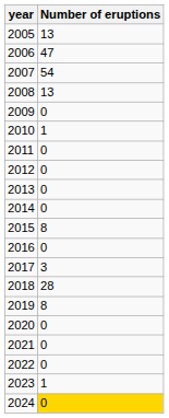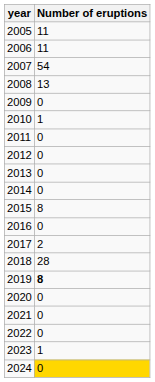 <table class="wikitable sortable">
 <tr>
 <th>year</th>
 <th>Number of eruptions</th>
 </tr>
 <tr>
 <td>2005</td>
-<td>13</td>
+<td>11</td>
 </tr>
 <tr>
 <td>2006</td>
-<td>47</td>
+<td>11</td>
 </tr>
 <tr>
 <td>2007</td>
 <td>54</td>
 </tr>
 <tr>
 <td>2008</td>
 <td>13</td>
 </tr>
 <tr>
 <td>2009</td>
 <td>0</td>
 </tr>
 <tr>
 <td>2010</td>
 <td>1</td>
 </tr>
 <tr>
 <td>2011</td>
 <td>0</td>
 </tr>
 <tr>
 <td>2012</td>
 <td>0</td>
 </tr>
 <tr>
 <td>2013</td>
 <td>0</td>
 </tr>
 <tr>
 <td>2014</td>
 <td>0</td>
 </tr>
 <tr>
 <td>2015</td>
 <td>8</td>
 </tr>
 <tr>
 <td>2016</td>
 <td>0</td>
 </tr>
 <tr>
 <td>2017</td>
-<td>3</td>
+<td>2</td>
 </tr>
 <tr>
 <td>2018</td>
 <td>28</td>
 </tr>
 <tr>
 <td>2019</td>
-<td>8</td>
+<td><strong>8</strong></td>
 </tr>
 <tr>
 <td>2020</td>
 <td>0</td>
 </tr>
 <tr>
 <td>2021</td>
 <td>0</td>
 </tr>
 <tr>
 <td>2022</td>
 <td>0</td>
 </tr>
 <tr>
 <td>2023</td>
 <td>1</td>
 </tr>
 <tr>
 <td>2024</td>
 <td style="background: gold;">0</td>
 </tr>
 </table>
